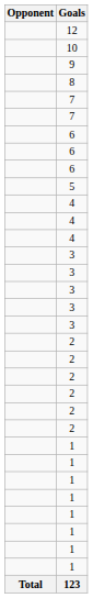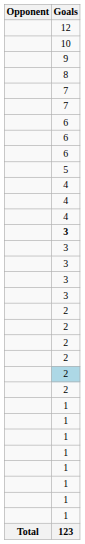 <table class="wikitable sortable">
 <tr>
 <th>Opponent</th>
 <th>Goals</th>
 </tr>
 <tr>
 <td></td>
 <td style="text-align:center">12</td>
 </tr>
 <tr>
 <td></td>
 <td style="text-align:center">10</td>
 </tr>
 <tr>
 <td></td>
 <td style="text-align:center">9</td>
 </tr>
 <tr>
 <td></td>
 <td style="text-align:center">8</td>
 </tr>
 <tr>
 <td></td>
 <td style="text-align:center">7</td>
 </tr>
 <tr>
 <td></td>
 <td style="text-align:center">7</td>
 </tr>
 <tr>
 <td></td>
 <td style="text-align:center">6</td>
 </tr>
 <tr>
 <td></td>
 <td style="text-align:center">6</td>
 </tr>
 <tr>
 <td></td>
 <td style="text-align:center">6</td>
 </tr>
 <tr>
 <td></td>
 <td style="text-align:center">5</td>
 </tr>
 <tr>
 <td></td>
 <td style="text-align:center">4</td>
 </tr>
 <tr>
 <td></td>
 <td style="text-align:center">4</td>
 </tr>
 <tr>
 <td></td>
 <td style="text-align:center">4</td>
 </tr>
 <tr>
 <td></td>
-<td style="text-align:center">3</td>
+<td style="text-align:center"><strong>3</strong></td>
 </tr>
 <tr>
 <td></td>
 <td style="text-align:center">3</td>
 </tr>
 <tr>
 <td></td>
 <td style="text-align:center">3</td>
 </tr>
 <tr>
 <td></td>
 <td style="text-align:center">3</td>
 </tr>
 <tr>
 <td></td>
 <td style="text-align:center">3</td>
 </tr>
 <tr>
 <td></td>
 <td style="text-align:center">2</td>
 </tr>
 <tr>
 <td></td>
 <td style="text-align:center">2</td>
 </tr>
 <tr>
 <td></td>
 <td style="text-align:center">2</td>
 </tr>
 <tr>
 <td></td>
 <td style="text-align:center">2</td>
 </tr>
 <tr>
 <td></td>
-<td style="text-align:center">2</td>
+<td style="background: lightblue; text-align:center">2</td>
 </tr>
 <tr>
 <td></td>
 <td style="text-align:center">2</td>
 </tr>
 <tr>
 <td></td>
 <td style="text-align:center">1</td>
 </tr>
 <tr>
 <td></td>
 <td style="text-align:center">1</td>
 </tr>
 <tr>
 <td></td>
 <td style="text-align:center">1</td>
 </tr>
 <tr>
 <td></td>
 <td style="text-align:center">1</td>
 </tr>
 <tr>
 <td></td>
 <td style="text-align:center">1</td>
 </tr>
 <tr>
 <td></td>
 <td style="text-align:center">1</td>
 </tr>
 <tr>
 <td></td>
 <td style="text-align:center">1</td>
 </tr>
 <tr>
 <td></td>
 <td style="text-align:center">1</td>
 </tr>
 <tr>
 <th scope=row>Total</th>
 <th>123</th>
 </tr>
 </table>
